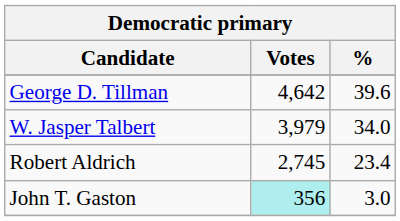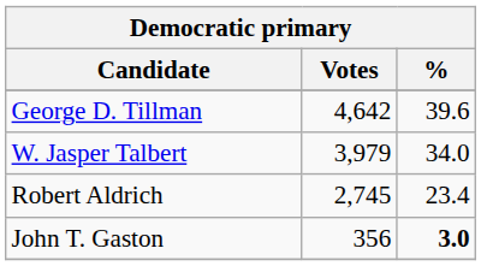 <table class="wikitable" align="left" style="margin: 1em 1em 1em 0; font-size: 95%;">
 <tr>
 <th colspan="3">Democratic primary</th>
 </tr>
 <tr>
 <th colspan="1" style="width: 170px">Candidate</th>
 <th style="width: 50px">Votes</th>
 <th style="width: 40px">%</th>
 </tr>
 <tr>
 </tr>
 <tr>
 <td><a href='#'>George D. Tillman</a></td>
 <td align="right">4,642</td>
 <td align="right">39.6</td>
 </tr>
 <tr>
 <td><a href='#'>W. Jasper Talbert</a></td>
 <td align="right">3,979</td>
 <td align="right">34.0</td>
 </tr>
 <tr>
 <td>Robert Aldrich</td>
 <td align="right">2,745</td>
 <td align="right">23.4</td>
 </tr>
 <tr>
 <td>John T. Gaston</td>
-<td align="right" style="background: paleturquoise;">356</td>
-<td align="right">3.0</td>
+<td align="right">356</td>
+<td align="right"><strong>3.0</strong></td>
 </tr>
 <tr>
 </tr>
 </table>
